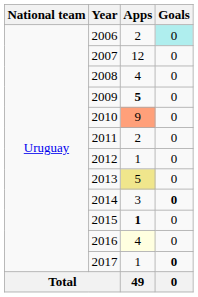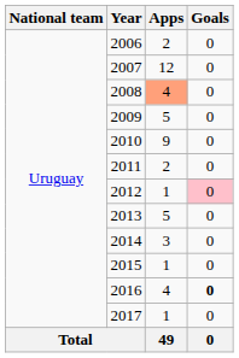 <table class="wikitable" style="text-align:center">
 <tr>
 <th>National team</th>
 <th>Year</th>
 <th>Apps</th>
 <th>Goals</th>
 </tr>
 <tr>
 <td rowspan="12"><a href='#'>Uruguay</a></td>
 <td>2006</td>
 <td>2</td>
-<td style="background: paleturquoise;">0</td>
+<td>0</td>
 </tr>
 <tr>
 <td>2007</td>
 <td>12</td>
 <td>0</td>
 </tr>
 <tr>
 <td>2008</td>
-<td>4</td>
+<td style="background: lightsalmon;">4</td>
 <td>0</td>
 </tr>
 <tr>
 <td>2009</td>
-<td><strong>5</strong></td>
+<td>5</td>
 <td>0</td>
 </tr>
 <tr>
 <td>2010</td>
-<td style="background: lightsalmon;">9</td>
+<td>9</td>
 <td>0</td>
 </tr>
 <tr>
 <td>2011</td>
 <td>2</td>
 <td>0</td>
 </tr>
 <tr>
 <td>2012</td>
 <td>1</td>
-<td>0</td>
+<td style="background: pink;">0</td>
 </tr>
 <tr>
 <td>2013</td>
-<td style="background: khaki;">5</td>
+<td>5</td>
 <td>0</td>
 </tr>
 <tr>
 <td>2014</td>
 <td>3</td>
-<td><strong>0</strong></td>
+<td>0</td>
 </tr>
 <tr>
 <td>2015</td>
-<td><strong>1</strong></td>
+<td>1</td>
 <td>0</td>
 </tr>
 <tr>
 <td>2016</td>
-<td style="background: lightyellow;">4</td>
-<td>0</td>
+<td>4</td>
+<td><strong>0</strong></td>
 </tr>
 <tr>
 <td>2017</td>
 <td>1</td>
-<td><strong>0</strong></td>
+<td>0</td>
 </tr>
 <tr>
 <th colspan="2">Total</th>
 <th>49</th>
 <th>0</th>
 </tr>
 </table>
